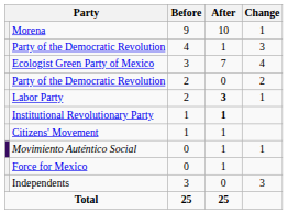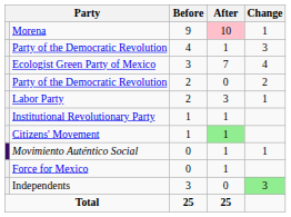 <table class="wikitable" style="text-align:center;">
 <tr>
 <th colspan="2">Party</th>
 <th style="width:3em">Before</th>
 <th style="width:3em">After</th>
 <th style="width:3em">Change</th>
 </tr>
 <tr>
 <th style="background-color:"></th>
 <td style="text-align:left;"><a href='#'>Morena</a></td>
 <td>9</td>
-<td>10</td>
+<td style="background: pink;">10</td>
 <td>1</td>
 </tr>
 <tr>
 <th style="background-color:"></th>
 <td style="text-align:left;"><a href='#'>Party of the Democratic Revolution</a></td>
 <td>4</td>
 <td>1</td>
 <td>3</td>
 </tr>
 <tr>
 <th style="background-color:"></th>
 <td style="text-align:left;"><a href='#'>Ecologist Green Party of Mexico</a></td>
 <td>3</td>
 <td>7</td>
 <td>4</td>
 </tr>
 <tr>
 <th style="background-color:"></th>
 <td style="text-align:left;"><a href='#'>Party of the Democratic Revolution</a></td>
 <td>2</td>
 <td>0</td>
 <td>2</td>
 </tr>
 <tr>
 <th style="background-color:"></th>
 <td style="text-align:left;"><a href='#'>Labor Party</a></td>
 <td>2</td>
-<td><strong>3</strong></td>
+<td>3</td>
 <td>1</td>
 </tr>
 <tr>
 <th style="background-color:"></th>
 <td style="text-align:left;"><a href='#'>Institutional Revolutionary Party</a></td>
 <td>1</td>
-<td><strong>1</strong></td>
+<td>1</td>
 <td></td>
 </tr>
 <tr>
 <th style="background-color:"></th>
 <td style="text-align:left;"><a href='#'>Citizens' Movement</a></td>
 <td>1</td>
-<td>1</td>
+<td style="background: lightgreen;">1</td>
 <td></td>
 </tr>
 <tr>
 <th style="background-color:#380b61;"></th>
 <td style="text-align:left;"><em>Movimiento Auténtico Social</em></td>
 <td>0</td>
 <td>1</td>
 <td>1</td>
 </tr>
 <tr>
 <th style="background-color:"></th>
 <td style="text-align:left;"><a href='#'>Force for Mexico</a></td>
 <td>0</td>
 <td>1</td>
 <td></td>
 </tr>
 <tr>
 <th style="background-color:"></th>
 <td style="text-align:left;">Independents</td>
 <td>3</td>
 <td>0</td>
-<td>3</td>
+<td style="background: lightgreen;">3</td>
 </tr>
 <tr>
 <td colspan="2"><strong>Total</strong></td>
 <td><strong>25</strong></td>
 <td><strong>25</strong></td>
 <td></td>
 </tr>
 </table>
